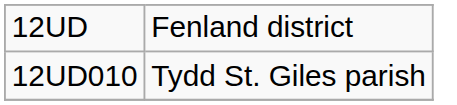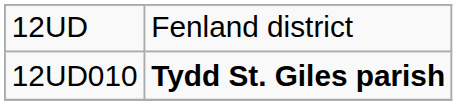 <table class="wikitable">
 <tr>
 <td>12UD</td>
 <td>Fenland district</td>
 </tr>
 <tr>
 <td>12UD010</td>
-<td>Tydd St. Giles parish</td>
+<td><strong>Tydd St. Giles parish</strong></td>
 </tr>
 <tr>
 </tr>
 </table>
